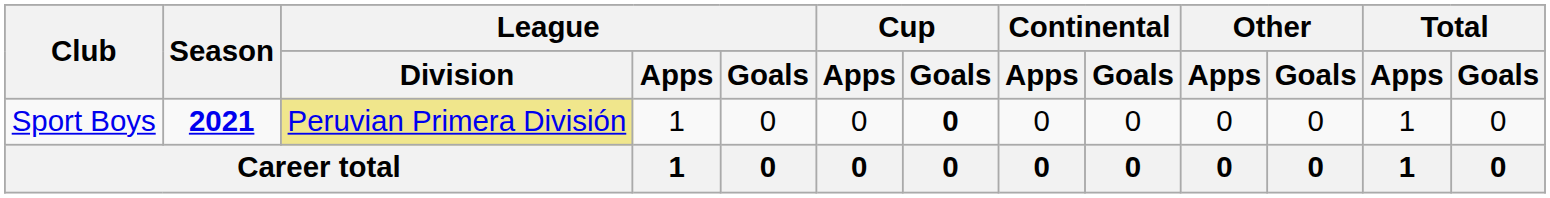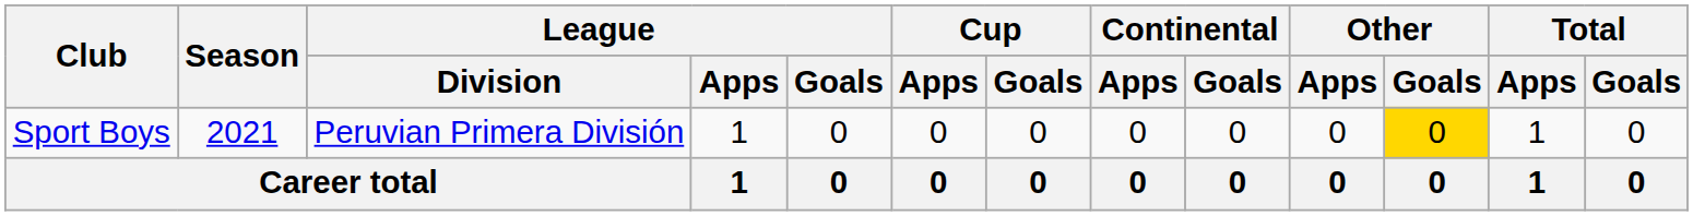 <table class="wikitable" style="text-align: center">
 <tr>
 <th rowspan="2">Club</th>
 <th rowspan="2">Season</th>
 <th colspan="3">League</th>
 <th colspan="2">Cup</th>
 <th colspan="2">Continental</th>
 <th colspan="2">Other</th>
 <th colspan="2">Total</th>
 </tr>
 <tr>
 <th>Division</th>
 <th>Apps</th>
 <th>Goals</th>
 <th>Apps</th>
 <th>Goals</th>
 <th>Apps</th>
 <th>Goals</th>
 <th>Apps</th>
 <th>Goals</th>
 <th>Apps</th>
 <th>Goals</th>
 </tr>
 <tr>
 <td><a href='#'>Sport Boys</a></td>
-<td><strong><a href='#'>2021</a></strong></td>
-<td style="background: khaki;"><a href='#'>Peruvian Primera División</a></td>
+<td><a href='#'>2021</a></td>
+<td><a href='#'>Peruvian Primera División</a></td>
 <td>1</td>
-<td>0</td>
-<td>0</td>
-<td><strong>0</strong></td>
 <td>0</td>
 <td>0</td>
 <td>0</td>
 <td>0</td>
+<td>0</td>
+<td>0</td>
+<td style="background: gold;">0</td>
 <td>1</td>
 <td>0</td>
 </tr>
 <tr>
 <th colspan="3"><strong>Career total</strong></th>
 <th>1</th>
 <th>0</th>
 <th>0</th>
 <th>0</th>
 <th>0</th>
 <th>0</th>
 <th>0</th>
 <th>0</th>
 <th>1</th>
 <th>0</th>
 </tr>
 </table>
